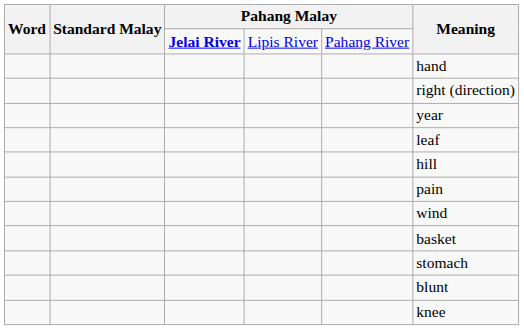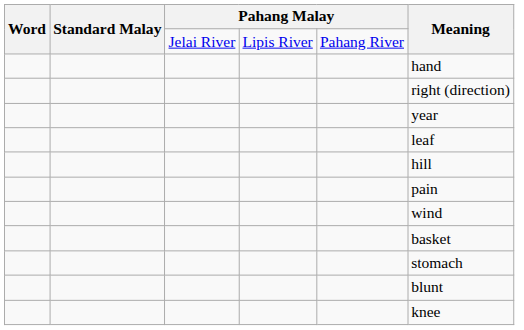 <table class="wikitable">
 <tr>
 <th rowspan="2" style="text-align: center;">Word</th>
 <th rowspan="2" style="text-align: center;">Standard Malay</th>
 <th colspan="3" style="text-align: center;">Pahang Malay</th>
 <th rowspan="2" style="text-align: center;">Meaning</th>
 </tr>
 <tr>
-<td><strong><a href='#'>Jelai River</a></strong></td>
+<td><a href='#'>Jelai River</a></td>
 <td><a href='#'>Lipis River</a></td>
 <td><a href='#'>Pahang River</a></td>
 </tr>
 <tr>
 <td></td>
 <td></td>
 <td></td>
 <td></td>
 <td></td>
 <td>hand</td>
 </tr>
 <tr>
 <td></td>
 <td></td>
 <td></td>
 <td></td>
 <td></td>
 <td>right (direction)</td>
 </tr>
 <tr>
 <td></td>
 <td></td>
 <td></td>
 <td></td>
 <td></td>
 <td>year</td>
 </tr>
 <tr>
 <td></td>
 <td></td>
 <td></td>
 <td></td>
 <td></td>
 <td>leaf</td>
 </tr>
 <tr>
 <td></td>
 <td></td>
 <td></td>
 <td></td>
 <td></td>
 <td>hill</td>
 </tr>
 <tr>
 <td></td>
 <td></td>
 <td></td>
 <td></td>
 <td></td>
 <td>pain</td>
 </tr>
 <tr>
 <td></td>
 <td></td>
 <td></td>
 <td></td>
 <td></td>
 <td>wind</td>
 </tr>
 <tr>
 <td></td>
 <td></td>
 <td></td>
 <td></td>
 <td></td>
 <td>basket</td>
 </tr>
 <tr>
 <td></td>
 <td></td>
 <td></td>
 <td></td>
 <td></td>
 <td>stomach</td>
 </tr>
 <tr>
 <td></td>
 <td></td>
 <td></td>
 <td></td>
 <td></td>
 <td>blunt</td>
 </tr>
 <tr>
 <td></td>
 <td></td>
 <td></td>
 <td></td>
 <td></td>
 <td>knee</td>
 </tr>
 </table>
